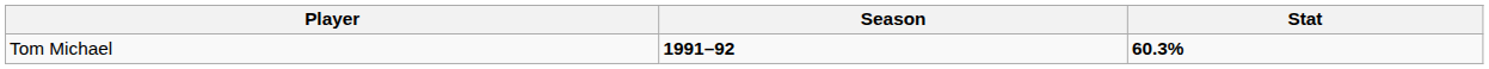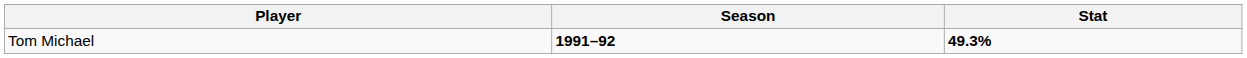 <table class="wikitable sortable" style="text-align: left; width: 65%">
 <tr>
 </tr>
 <tr>
 <th>Player</th>
 <th>Season</th>
 <th>Stat</th>
 </tr>
 <tr>
 <td>Tom Michael</td>
 <td><strong>1991–92</strong></td>
-<td><strong>60.3%</strong></td>
+<td><strong>49.3%</strong></td>
 </tr>
 </table>
